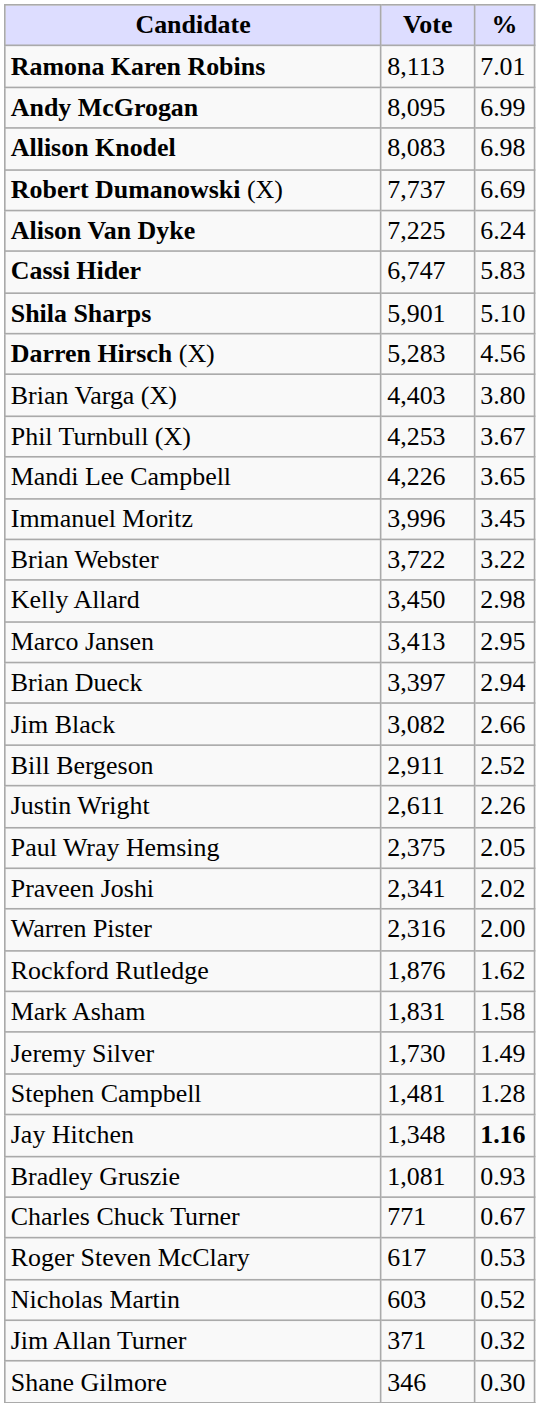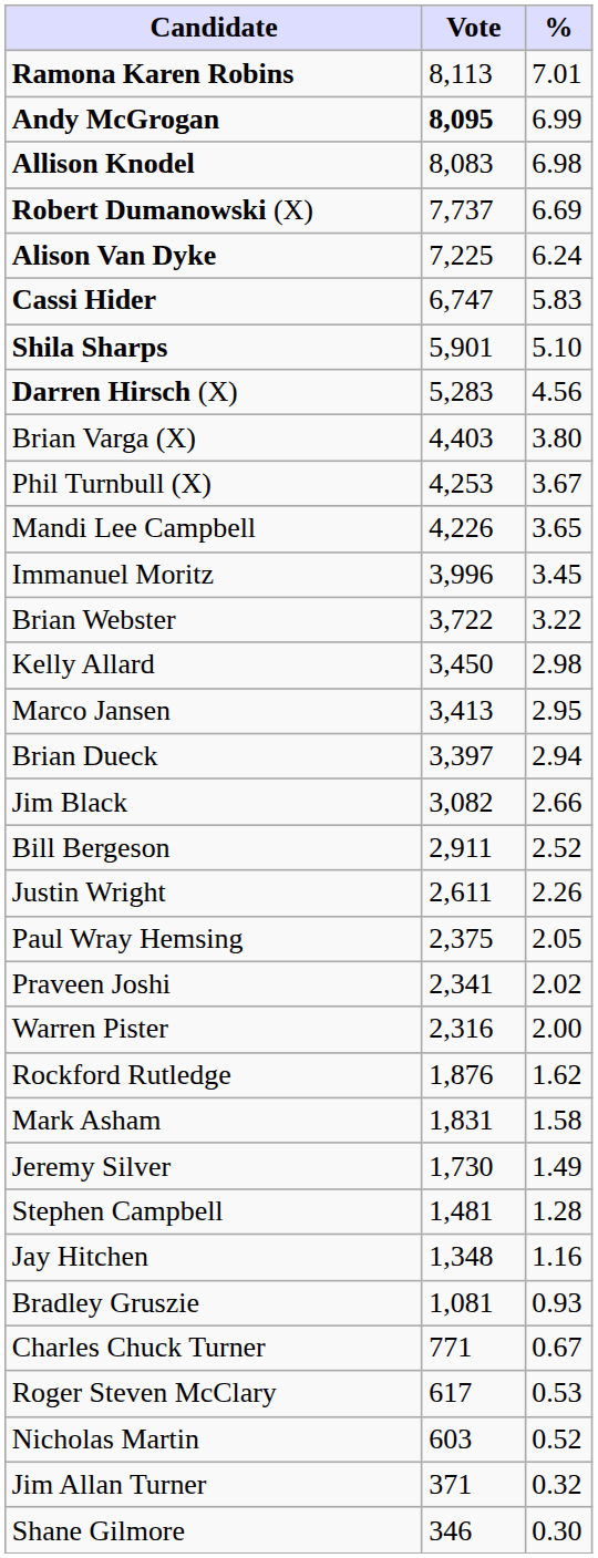 <table class="wikitable sortable">
 <tr>
 <th style="background:#ddf; width:225px;">Candidate</th>
 <th style="background:#ddf; width:50px;">Vote</th>
 <th style="background:#ddf; width:30px;">%</th>
 </tr>
 <tr>
 <td><strong>Ramona Karen Robins</strong></td>
 <td>8,113</td>
 <td>7.01</td>
 </tr>
 <tr>
 <td><strong>Andy McGrogan</strong></td>
-<td>8,095</td>
+<td><strong>8,095</strong></td>
 <td>6.99</td>
 </tr>
 <tr>
 <td><strong>Allison Knodel</strong></td>
 <td>8,083</td>
 <td>6.98</td>
 </tr>
 <tr>
 <td><strong>Robert Dumanowski</strong> (X)</td>
 <td>7,737</td>
 <td>6.69</td>
 </tr>
 <tr>
 <td><strong>Alison Van Dyke</strong></td>
 <td>7,225</td>
 <td>6.24</td>
 </tr>
 <tr>
 <td><strong>Cassi Hider</strong></td>
 <td>6,747</td>
 <td>5.83</td>
 </tr>
 <tr>
 <td><strong>Shila Sharps</strong></td>
 <td>5,901</td>
 <td>5.10</td>
 </tr>
 <tr>
 <td><strong>Darren Hirsch</strong> (X)</td>
 <td>5,283</td>
 <td>4.56</td>
 </tr>
 <tr>
 <td>Brian Varga (X)</td>
 <td>4,403</td>
 <td>3.80</td>
 </tr>
 <tr>
 <td>Phil Turnbull (X)</td>
 <td>4,253</td>
 <td>3.67</td>
 </tr>
 <tr>
 <td>Mandi Lee Campbell</td>
 <td>4,226</td>
 <td>3.65</td>
 </tr>
 <tr>
 <td>Immanuel Moritz</td>
 <td>3,996</td>
 <td>3.45</td>
 </tr>
 <tr>
 <td>Brian Webster</td>
 <td>3,722</td>
 <td>3.22</td>
 </tr>
 <tr>
 <td>Kelly Allard</td>
 <td>3,450</td>
 <td>2.98</td>
 </tr>
 <tr>
 <td>Marco Jansen</td>
 <td>3,413</td>
 <td>2.95</td>
 </tr>
 <tr>
 <td>Brian Dueck</td>
 <td>3,397</td>
 <td>2.94</td>
 </tr>
 <tr>
 <td>Jim Black</td>
 <td>3,082</td>
 <td>2.66</td>
 </tr>
 <tr>
 <td>Bill Bergeson</td>
 <td>2,911</td>
 <td>2.52</td>
 </tr>
 <tr>
 <td>Justin Wright</td>
 <td>2,611</td>
 <td>2.26</td>
 </tr>
 <tr>
 <td>Paul Wray Hemsing</td>
 <td>2,375</td>
 <td>2.05</td>
 </tr>
 <tr>
 <td>Praveen Joshi</td>
 <td>2,341</td>
 <td>2.02</td>
 </tr>
 <tr>
 <td>Warren Pister</td>
 <td>2,316</td>
 <td>2.00</td>
 </tr>
 <tr>
 <td>Rockford Rutledge</td>
 <td>1,876</td>
 <td>1.62</td>
 </tr>
 <tr>
 <td>Mark Asham</td>
 <td>1,831</td>
 <td>1.58</td>
 </tr>
 <tr>
 <td>Jeremy Silver</td>
 <td>1,730</td>
 <td>1.49</td>
 </tr>
 <tr>
 <td>Stephen Campbell</td>
 <td>1,481</td>
 <td>1.28</td>
 </tr>
 <tr>
 <td>Jay Hitchen</td>
 <td>1,348</td>
-<td><strong>1.16</strong></td>
+<td>1.16</td>
 </tr>
 <tr>
 <td>Bradley Gruszie</td>
 <td>1,081</td>
 <td>0.93</td>
 </tr>
 <tr>
 <td>Charles Chuck Turner</td>
 <td>771</td>
 <td>0.67</td>
 </tr>
 <tr>
 <td>Roger Steven McClary</td>
 <td>617</td>
 <td>0.53</td>
 </tr>
 <tr>
 <td>Nicholas Martin</td>
 <td>603</td>
 <td>0.52</td>
 </tr>
 <tr>
 <td>Jim Allan Turner</td>
 <td>371</td>
 <td>0.32</td>
 </tr>
 <tr>
 <td>Shane Gilmore</td>
 <td>346</td>
 <td>0.30</td>
 </tr>
 <tr>
 </tr>
 </table>
